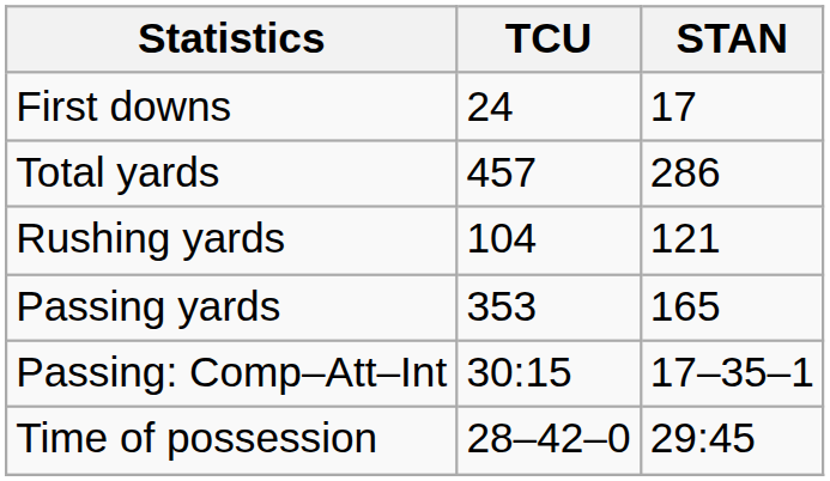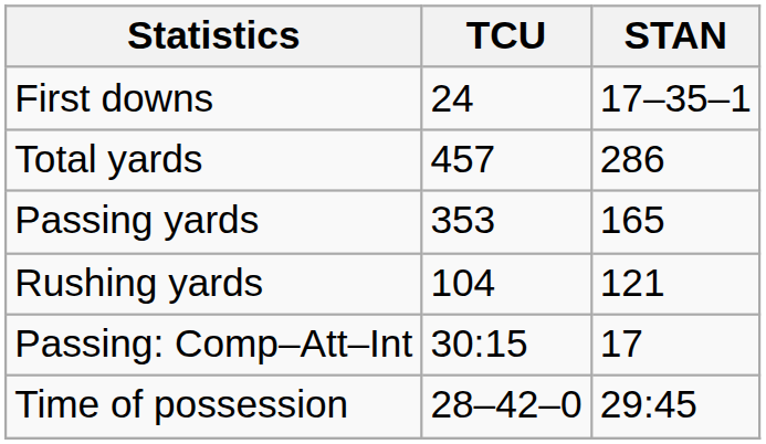 <table class="wikitable" style="float: left;">
 <tr>
 <th>Statistics</th>
 <th>TCU</th>
 <th>STAN</th>
 </tr>
 <tr>
 <td>First downs</td>
 <td>24</td>
-<td>17</td>
+<td>17–35–1</td>
 </tr>
 <tr>
 <td>Total yards</td>
 <td>457</td>
 <td>286</td>
 </tr>
 <tr>
+<td>Passing yards</td>
+<td>353</td>
+<td>165</td>
+</tr>
+<tr>
 <td>Rushing yards</td>
 <td>104</td>
 <td>121</td>
 </tr>
 <tr>
-<td>Passing yards</td>
-<td>353</td>
-<td>165</td>
-</tr>
-<tr>
 <td>Passing: Comp–Att–Int</td>
 <td>30:15</td>
-<td>17–35–1</td>
+<td>17</td>
 </tr>
 <tr>
 <td>Time of possession</td>
 <td>28–42–0</td>
 <td>29:45</td>
 </tr>
 <tr>
 </tr>
 </table>
